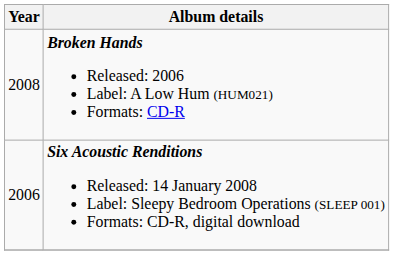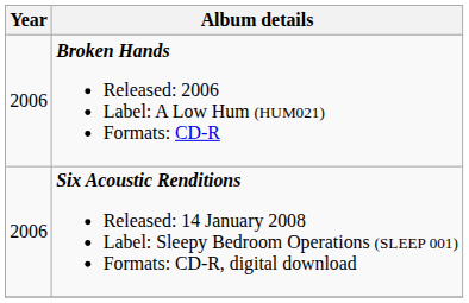 <table class="wikitable" border="1">
 <tr>
 <th>Year</th>
 <th>Album details</th>
 </tr>
 <tr>
-<td>2008</td>
+<td>2006</td>
 <td><strong><em>Broken Hands</em></strong><br><ul><li>Released: 2006</li><li>Label: A Low Hum <small>(HUM021)</small></li><li>Formats: <a href='#'>CD-R</a></li></ul></td>
 </tr>
 <tr>
 <td>2006</td>
 <td><strong><em>Six Acoustic Renditions</em></strong><br><ul><li>Released: 14 January 2008</li><li>Label: Sleepy Bedroom Operations <small>(SLEEP 001)</small></li><li>Formats: CD-R, digital download</li></ul></td>
 </tr>
 <tr>
 </tr>
 </table>
